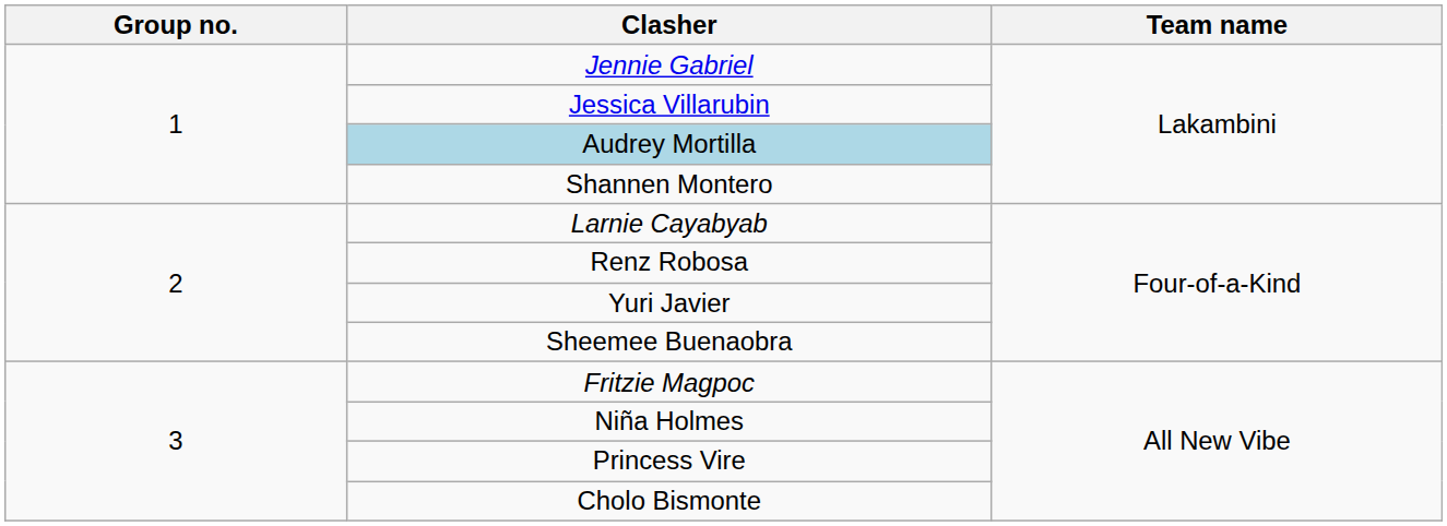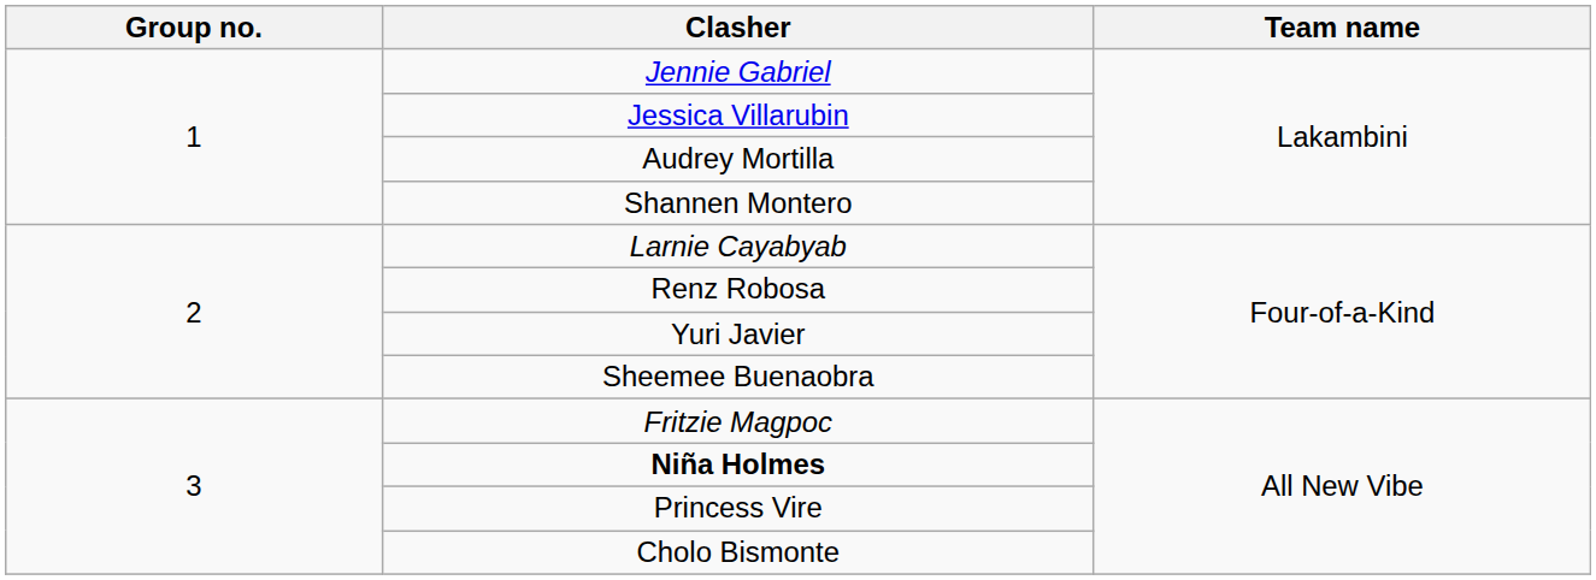 <table class="wikitable collapsible collapsed" style="text-align:center; line-height:17px; width:100%;">
 <tr>
 <th>Group no.</th>
 <th>Clasher</th>
 <th>Team name</th>
 </tr>
 <tr>
 <td rowspan="4">1</td>
 <td><em><a href='#'>Jennie Gabriel</a></em></td>
 <td rowspan="4">Lakambini</td>
 </tr>
 <tr>
 <td><a href='#'>Jessica Villarubin</a></td>
 </tr>
 <tr>
-<td style="background: lightblue;">Audrey Mortilla</td>
+<td>Audrey Mortilla</td>
 </tr>
 <tr>
 <td>Shannen Montero</td>
 </tr>
 <tr>
 <td rowspan="4">2</td>
 <td><em>Larnie Cayabyab</em></td>
 <td rowspan="4">Four-of-a-Kind</td>
 </tr>
 <tr>
 <td>Renz Robosa</td>
 </tr>
 <tr>
 <td>Yuri Javier</td>
 </tr>
 <tr>
 <td>Sheemee Buenaobra</td>
 </tr>
 <tr>
 <td rowspan="4">3</td>
 <td><em>Fritzie Magpoc</em></td>
 <td rowspan="4">All New Vibe</td>
 </tr>
 <tr>
-<td>Niña Holmes</td>
+<td><strong>Niña Holmes</strong></td>
 </tr>
 <tr>
 <td>Princess Vire</td>
 </tr>
 <tr>
 <td>Cholo Bismonte</td>
 </tr>
 </table>
